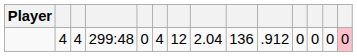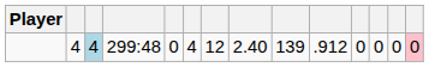 <table class="wikitable sortable" style="text-align:center;">
 <tr>
 <th>Player</th>
 <th></th>
 <th></th>
 <th></th>
 <th></th>
 <th></th>
 <th></th>
 <th></th>
 <th></th>
 <th></th>
 <th></th>
 <th></th>
 <th></th>
 <th></th>
 </tr>
 <tr>
 <td></td>
 <td>4</td>
-<td>4</td>
+<td style="background: lightblue;">4</td>
 <td>299:48</td>
 <td>0</td>
 <td>4</td>
 <td>12</td>
-<td>2.04</td>
-<td>136</td>
+<td>2.40</td>
+<td>139</td>
 <td>.912</td>
 <td>0</td>
 <td>0</td>
 <td>0</td>
 <td style="background: pink;">0</td>
 </tr>
 </table>
